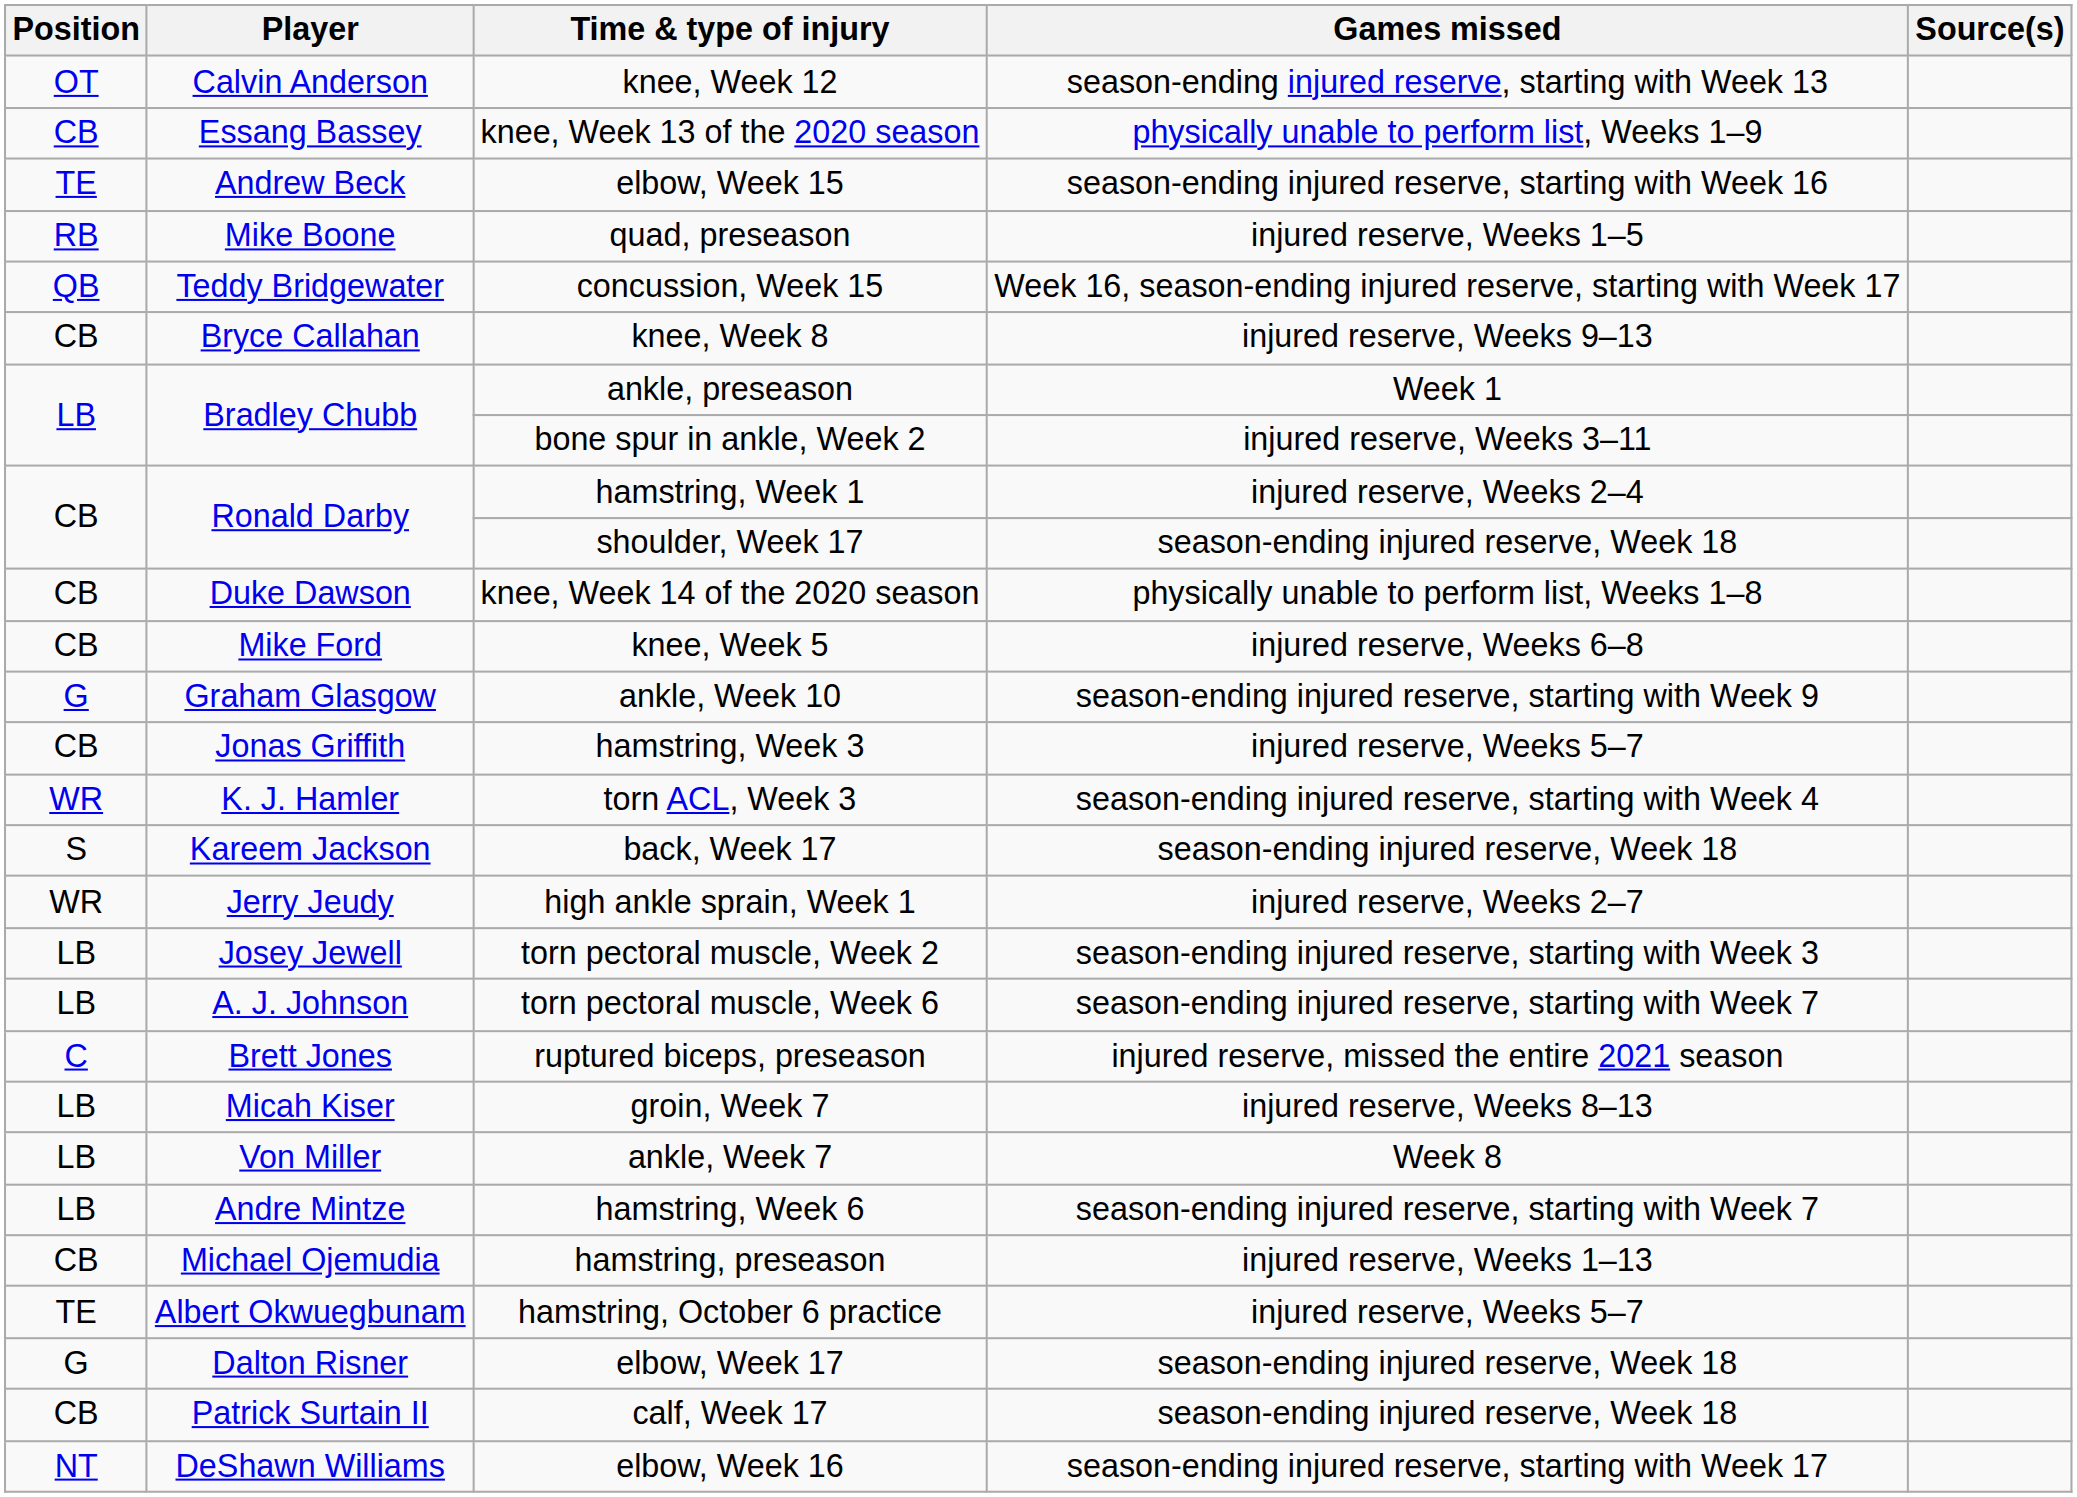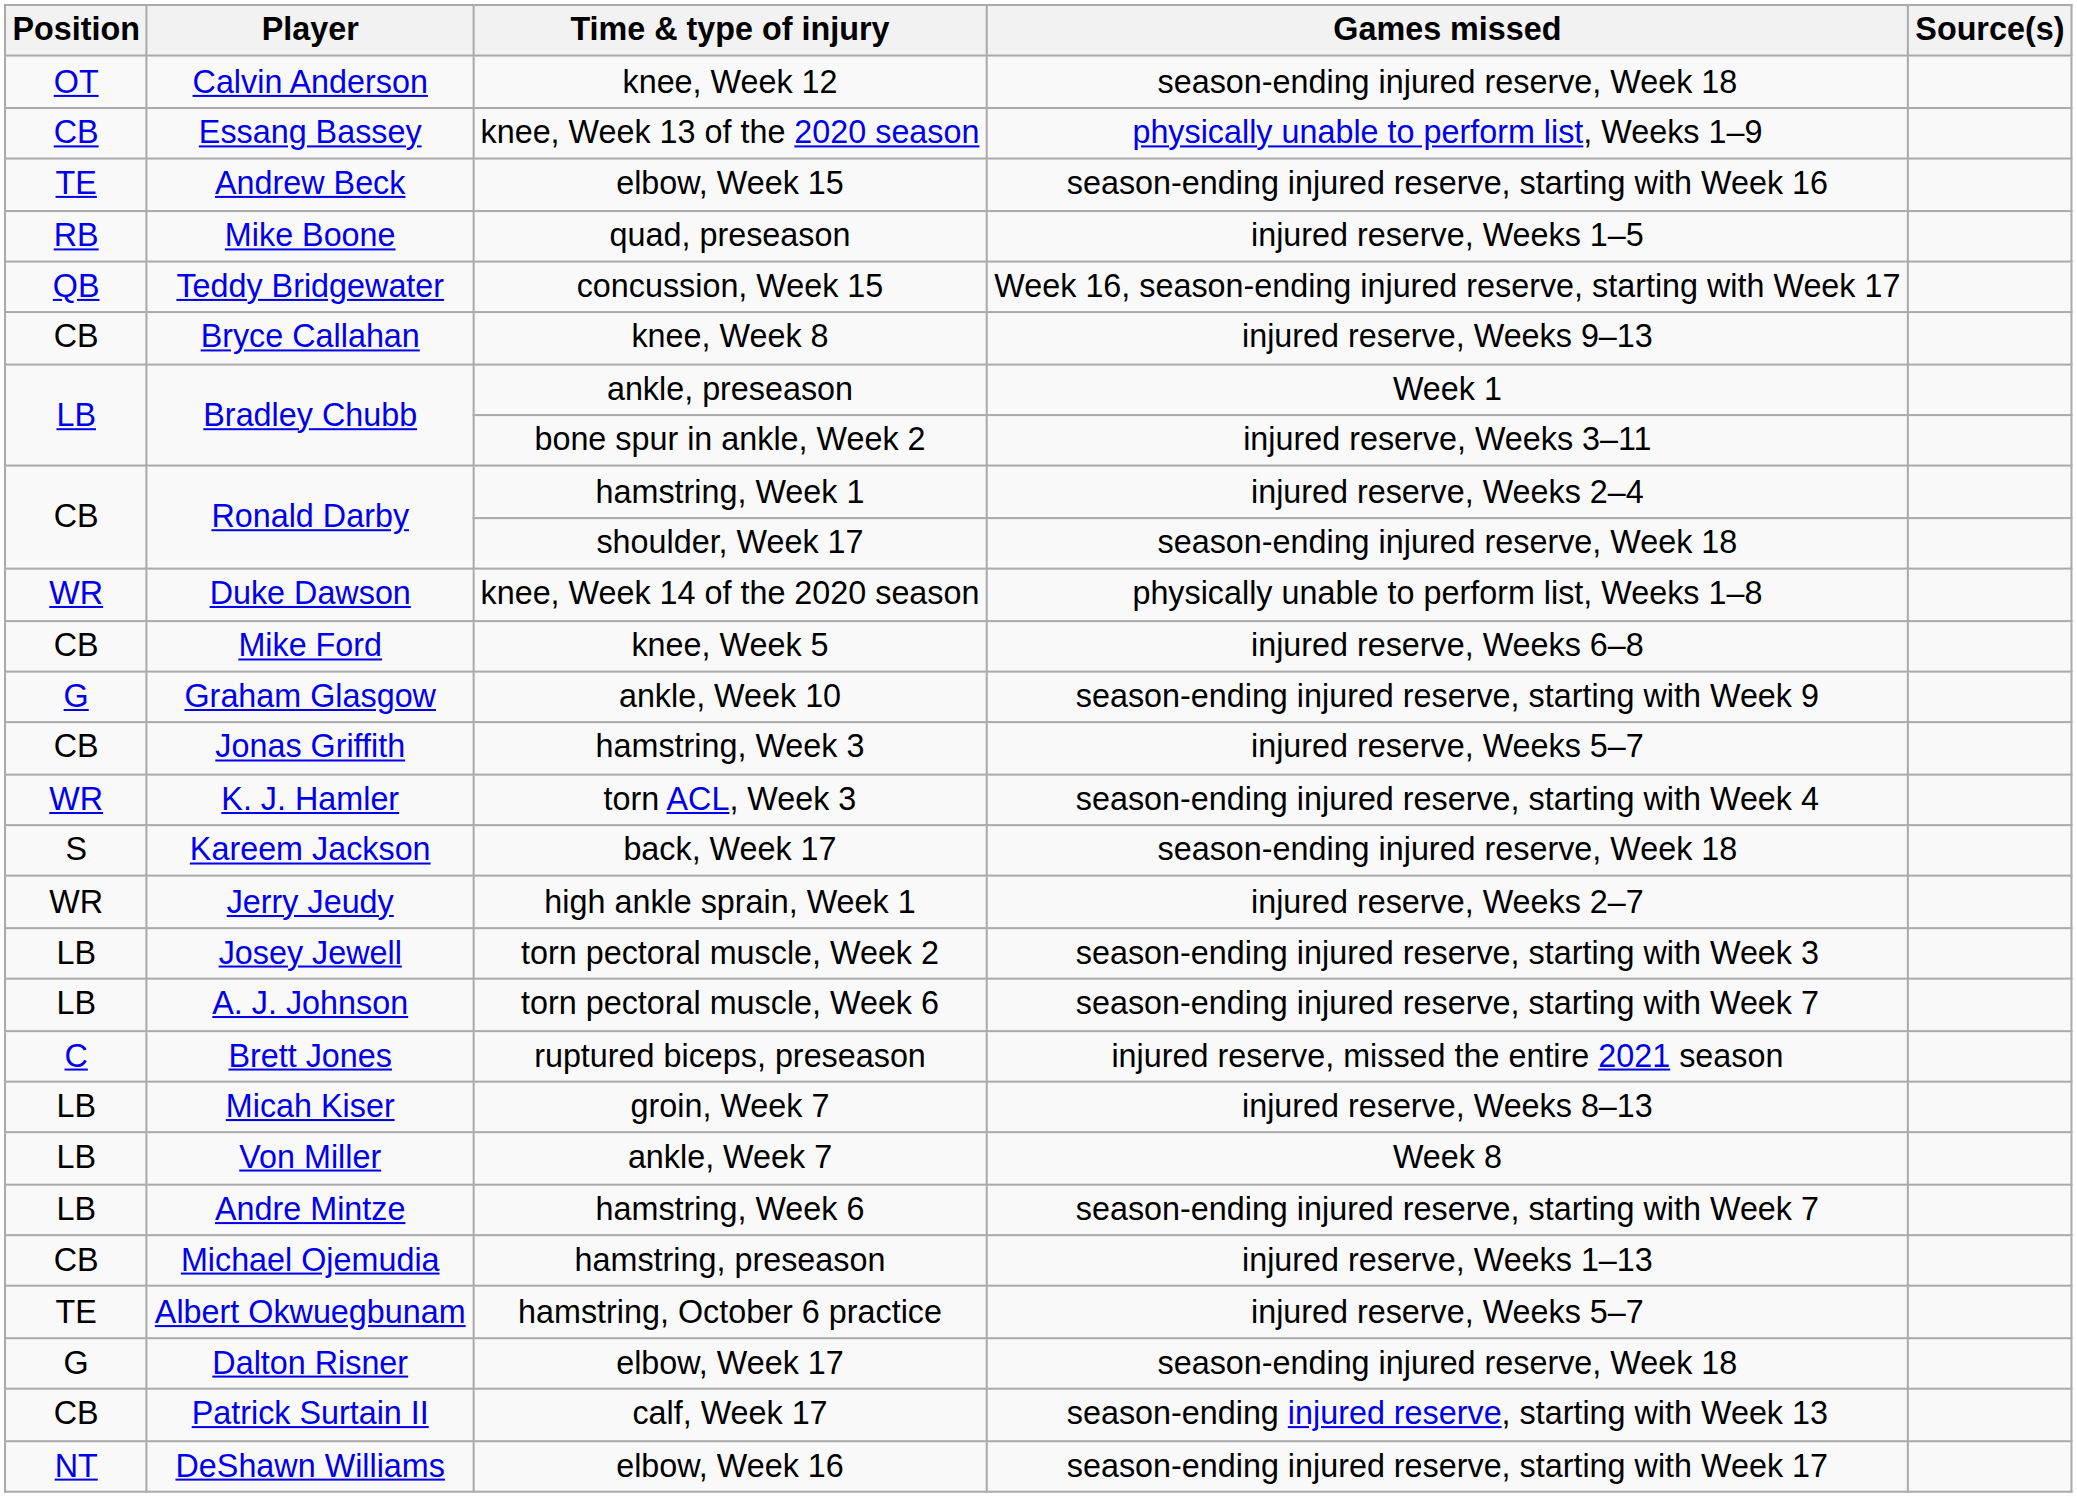 <table class="wikitable" style="text-align:center">
 <tr>
 <th>Position</th>
 <th>Player</th>
 <th>Time & type of injury</th>
 <th>Games missed</th>
 <th>Source(s)</th>
 </tr>
 <tr>
 <td><a href='#'>OT</a></td>
 <td><a href='#'>Calvin Anderson</a></td>
 <td>knee, Week 12</td>
-<td>season-ending <a href='#'>injured reserve</a>, starting with Week 13</td>
+<td>season-ending injured reserve, Week 18</td>
 <td></td>
 </tr>
 <tr>
 <td><a href='#'>CB</a></td>
 <td><a href='#'>Essang Bassey</a></td>
 <td>knee, Week 13 of the <a href='#'>2020 season</a></td>
 <td><a href='#'>physically unable to perform list</a>, Weeks 1–9</td>
 <td></td>
 </tr>
 <tr>
 <td><a href='#'>TE</a></td>
 <td><a href='#'>Andrew Beck</a></td>
 <td>elbow, Week 15</td>
 <td>season-ending injured reserve, starting with Week 16</td>
 </tr>
 <tr>
 <td><a href='#'>RB</a></td>
 <td><a href='#'>Mike Boone</a></td>
 <td>quad, preseason</td>
 <td>injured reserve, Weeks 1–5</td>
 <td></td>
 </tr>
 <tr>
 <td><a href='#'>QB</a></td>
 <td><a href='#'>Teddy Bridgewater</a></td>
 <td>concussion, Week 15</td>
 <td>Week 16, season-ending injured reserve, starting with Week 17</td>
 <td></td>
 </tr>
 <tr>
 <td>CB</td>
 <td><a href='#'>Bryce Callahan</a></td>
 <td>knee, Week 8</td>
 <td>injured reserve, Weeks 9–13</td>
 <td></td>
 </tr>
 <tr>
 <td rowspan=2><a href='#'>LB</a></td>
 <td rowspan=2><a href='#'>Bradley Chubb</a></td>
 <td>ankle, preseason</td>
 <td>Week 1</td>
 <td></td>
 </tr>
 <tr>
 <td>bone spur in ankle, Week 2</td>
 <td>injured reserve, Weeks 3–11</td>
 <td></td>
 </tr>
 <tr>
 <td rowspan=2>CB</td>
 <td rowspan=2><a href='#'>Ronald Darby</a></td>
 <td>hamstring, Week 1</td>
 <td>injured reserve, Weeks 2–4</td>
 <td></td>
 </tr>
 <tr>
 <td>shoulder, Week 17</td>
 <td>season-ending injured reserve, Week 18</td>
 <td></td>
 </tr>
 <tr>
-<td>CB</td>
+<td><a href='#'>WR</a></td>
 <td><a href='#'>Duke Dawson</a></td>
 <td>knee, Week 14 of the 2020 season</td>
 <td>physically unable to perform list, Weeks 1–8</td>
 <td></td>
 </tr>
 <tr>
 <td>CB</td>
 <td><a href='#'>Mike Ford</a></td>
 <td>knee, Week 5</td>
 <td>injured reserve, Weeks 6–8</td>
 <td></td>
 </tr>
 <tr>
 <td><a href='#'>G</a></td>
 <td><a href='#'>Graham Glasgow</a></td>
 <td>ankle, Week 10</td>
 <td>season-ending injured reserve, starting with Week 9</td>
 <td></td>
 </tr>
 <tr>
 <td>CB</td>
 <td><a href='#'>Jonas Griffith</a></td>
 <td>hamstring, Week 3</td>
 <td>injured reserve, Weeks 5–7</td>
 <td></td>
 </tr>
 <tr>
 <td><a href='#'>WR</a></td>
 <td><a href='#'>K. J. Hamler</a></td>
 <td>torn <a href='#'>ACL</a>, Week 3</td>
 <td>season-ending injured reserve, starting with Week 4</td>
 <td></td>
 </tr>
 <tr>
 <td>S</td>
 <td><a href='#'>Kareem Jackson</a></td>
 <td>back, Week 17</td>
 <td>season-ending injured reserve, Week 18</td>
 <td></td>
 </tr>
 <tr>
 <td>WR</td>
 <td><a href='#'>Jerry Jeudy</a></td>
 <td>high ankle sprain, Week 1</td>
 <td>injured reserve, Weeks 2–7</td>
 <td></td>
 </tr>
 <tr>
 <td>LB</td>
 <td><a href='#'>Josey Jewell</a></td>
 <td>torn pectoral muscle, Week 2</td>
 <td>season-ending injured reserve, starting with Week 3</td>
 <td></td>
 </tr>
 <tr>
 <td>LB</td>
 <td><a href='#'>A. J. Johnson</a></td>
 <td>torn pectoral muscle, Week 6</td>
 <td>season-ending injured reserve, starting with Week 7</td>
 <td></td>
 </tr>
 <tr>
 <td><a href='#'>C</a></td>
 <td><a href='#'>Brett Jones</a></td>
 <td>ruptured biceps, preseason</td>
 <td>injured reserve, missed the entire <a href='#'>2021</a> season</td>
 <td></td>
 </tr>
 <tr>
 <td>LB</td>
 <td><a href='#'>Micah Kiser</a></td>
 <td>groin, Week 7</td>
 <td>injured reserve, Weeks 8–13</td>
 <td></td>
 </tr>
 <tr>
 <td>LB</td>
 <td><a href='#'>Von Miller</a></td>
 <td>ankle, Week 7</td>
 <td>Week 8</td>
 <td></td>
 </tr>
 <tr>
 <td>LB</td>
 <td><a href='#'>Andre Mintze</a></td>
 <td>hamstring, Week 6</td>
 <td>season-ending injured reserve, starting with Week 7</td>
 <td></td>
 </tr>
 <tr>
 <td>CB</td>
 <td><a href='#'>Michael Ojemudia</a></td>
 <td>hamstring, preseason</td>
 <td>injured reserve, Weeks 1–13</td>
 <td></td>
 </tr>
 <tr>
 <td>TE</td>
 <td><a href='#'>Albert Okwuegbunam</a></td>
 <td>hamstring, October 6 practice</td>
 <td>injured reserve, Weeks 5–7</td>
 <td></td>
 </tr>
 <tr>
 <td>G</td>
 <td><a href='#'>Dalton Risner</a></td>
 <td>elbow, Week 17</td>
 <td>season-ending injured reserve, Week 18</td>
 <td></td>
 </tr>
 <tr>
 <td>CB</td>
 <td><a href='#'>Patrick Surtain II</a></td>
 <td>calf, Week 17</td>
-<td>season-ending injured reserve, Week 18</td>
+<td>season-ending <a href='#'>injured reserve</a>, starting with Week 13</td>
 <td></td>
 </tr>
 <tr>
 <td><a href='#'>NT</a></td>
 <td><a href='#'>DeShawn Williams</a></td>
 <td>elbow, Week 16</td>
 <td>season-ending injured reserve, starting with Week 17</td>
 <td></td>
 </tr>
 </table>
